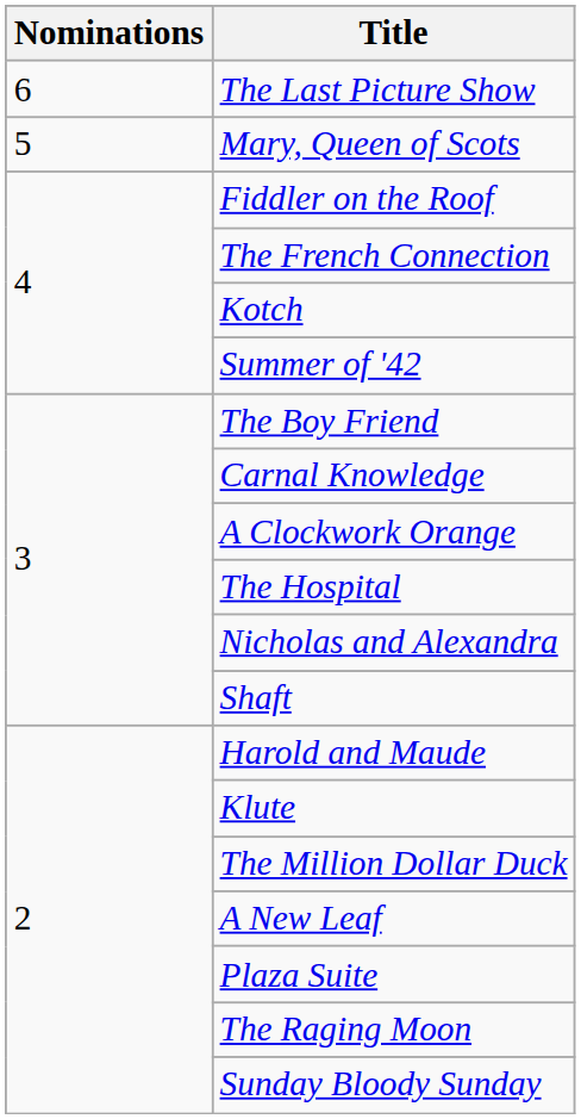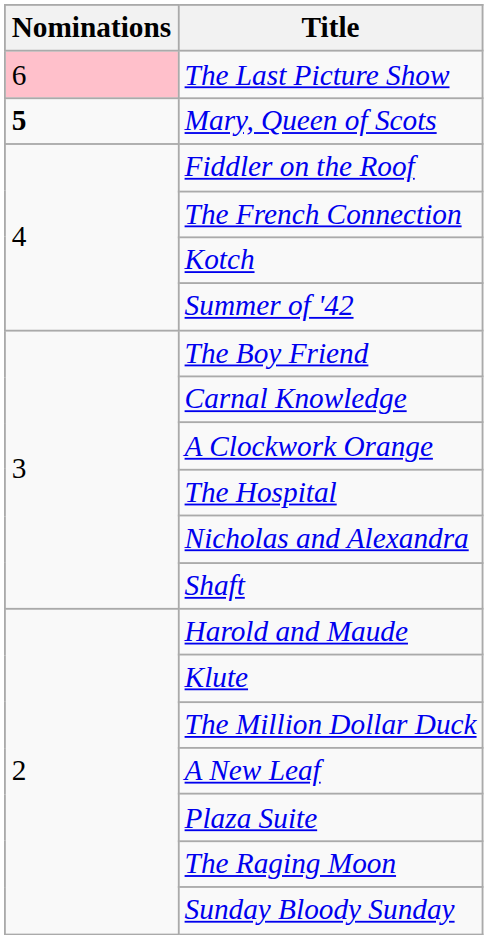 <table class="wikitable">
 <tr>
 <th>Nominations</th>
 <th>Title</th>
 </tr>
 <tr>
-<td>6</td>
+<td style="background: pink;">6</td>
 <td><em><a href='#'>The Last Picture Show</a></em></td>
 </tr>
 <tr>
-<td>5</td>
+<td><strong>5</strong></td>
 <td><em><a href='#'>Mary, Queen of Scots</a></em></td>
 </tr>
 <tr>
 <td rowspan="4">4</td>
 <td><em><a href='#'>Fiddler on the Roof</a></em></td>
 </tr>
 <tr>
 <td><em><a href='#'>The French Connection</a></em></td>
 </tr>
 <tr>
 <td><em><a href='#'>Kotch</a></em></td>
 </tr>
 <tr>
 <td><em><a href='#'>Summer of '42</a></em></td>
 </tr>
 <tr>
 <td rowspan="6">3</td>
 <td><em><a href='#'>The Boy Friend</a></em></td>
 </tr>
 <tr>
 <td><em><a href='#'>Carnal Knowledge</a></em></td>
 </tr>
 <tr>
 <td><em><a href='#'>A Clockwork Orange</a></em></td>
 </tr>
 <tr>
 <td><em><a href='#'>The Hospital</a></em></td>
 </tr>
 <tr>
 <td><em><a href='#'>Nicholas and Alexandra</a></em></td>
 </tr>
 <tr>
 <td><em><a href='#'>Shaft</a></em></td>
 </tr>
 <tr>
 <td rowspan="7">2</td>
 <td><em><a href='#'>Harold and Maude</a></em></td>
 </tr>
 <tr>
 <td><em><a href='#'>Klute</a></em></td>
 </tr>
 <tr>
 <td><em><a href='#'>The Million Dollar Duck</a></em></td>
 </tr>
 <tr>
 <td><em><a href='#'>A New Leaf</a></em></td>
 </tr>
 <tr>
 <td><em><a href='#'>Plaza Suite</a></em></td>
 </tr>
 <tr>
 <td><em><a href='#'>The Raging Moon</a></em></td>
 </tr>
 <tr>
 <td><em><a href='#'>Sunday Bloody Sunday</a></em></td>
 </tr>
 </table>
